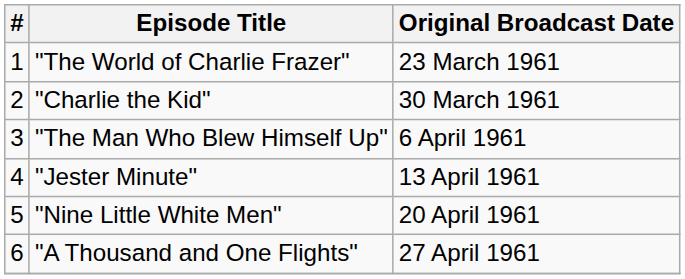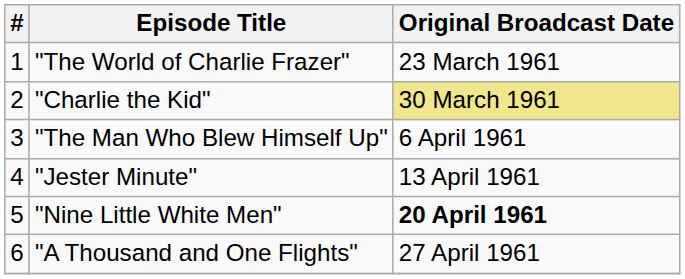 <table class="wikitable">
 <tr>
 <th>#</th>
 <th>Episode Title</th>
 <th>Original Broadcast Date</th>
 </tr>
 <tr>
 <td>1</td>
 <td>"The World of Charlie Frazer"</td>
 <td>23 March 1961</td>
 </tr>
 <tr>
 <td>2</td>
 <td>"Charlie the Kid"</td>
-<td>30 March 1961</td>
+<td style="background: khaki;">30 March 1961</td>
 </tr>
 <tr>
 <td>3</td>
 <td>"The Man Who Blew Himself Up"</td>
 <td>6 April 1961</td>
 </tr>
 <tr>
 <td>4</td>
 <td>"Jester Minute"</td>
 <td>13 April 1961</td>
 </tr>
 <tr>
 <td>5</td>
 <td>"Nine Little White Men"</td>
-<td>20 April 1961</td>
+<td><strong>20 April 1961</strong></td>
 </tr>
 <tr>
 <td>6</td>
 <td>"A Thousand and One Flights"</td>
 <td>27 April 1961</td>
 </tr>
 <tr>
 </tr>
 </table>
